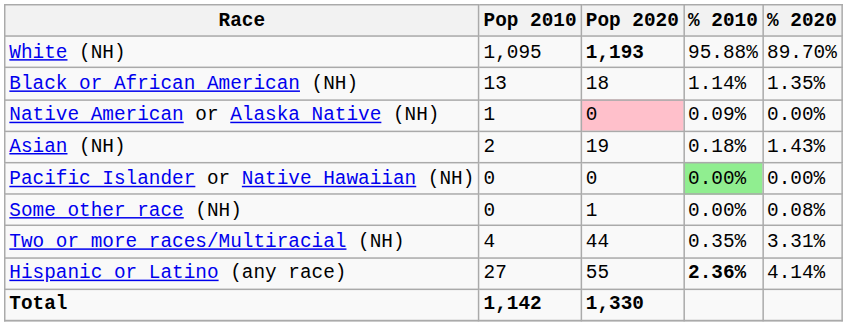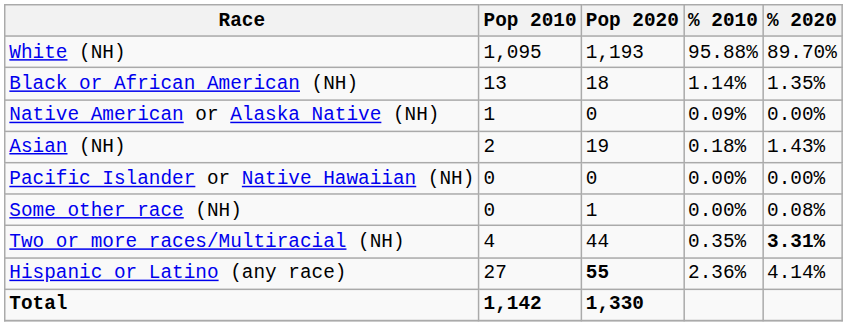 <table class="wikitable">
 <tr>
 <th>Race</th>
 <th>Pop 2010</th>
 <th>Pop 2020</th>
 <th>% 2010</th>
 <th>% 2020</th>
 </tr>
 <tr>
 <td><a href='#'>White</a> (NH)</td>
 <td>1,095</td>
-<td><strong>1,193</strong></td>
+<td>1,193</td>
 <td>95.88%</td>
 <td>89.70%</td>
 </tr>
 <tr>
 <td><a href='#'>Black or African American</a> (NH)</td>
 <td>13</td>
 <td>18</td>
 <td>1.14%</td>
 <td>1.35%</td>
 </tr>
 <tr>
 <td><a href='#'>Native American</a> or <a href='#'>Alaska Native</a> (NH)</td>
 <td>1</td>
-<td style="background: pink;">0</td>
+<td>0</td>
 <td>0.09%</td>
 <td>0.00%</td>
 </tr>
 <tr>
 <td><a href='#'>Asian</a> (NH)</td>
 <td>2</td>
 <td>19</td>
 <td>0.18%</td>
 <td>1.43%</td>
 </tr>
 <tr>
 <td><a href='#'>Pacific Islander</a> or <a href='#'>Native Hawaiian</a> (NH)</td>
 <td>0</td>
 <td>0</td>
-<td style="background: lightgreen;">0.00%</td>
+<td>0.00%</td>
 <td>0.00%</td>
 </tr>
 <tr>
 <td><a href='#'>Some other race</a> (NH)</td>
 <td>0</td>
 <td>1</td>
 <td>0.00%</td>
 <td>0.08%</td>
 </tr>
 <tr>
 <td><a href='#'>Two or more races/Multiracial</a> (NH)</td>
 <td>4</td>
 <td>44</td>
 <td>0.35%</td>
-<td>3.31%</td>
+<td><strong>3.31%</strong></td>
 </tr>
 <tr>
 <td><a href='#'>Hispanic or Latino</a> (any race)</td>
 <td>27</td>
-<td>55</td>
-<td><strong>2.36%</strong></td>
+<td><strong>55</strong></td>
+<td>2.36%</td>
 <td>4.14%</td>
 </tr>
 <tr>
 <td><strong>Total</strong></td>
 <td><strong>1,142</strong></td>
 <td><strong>1,330</strong></td>
 <td></td>
 <td></td>
 </tr>
 <tr>
 </tr>
 </table>
